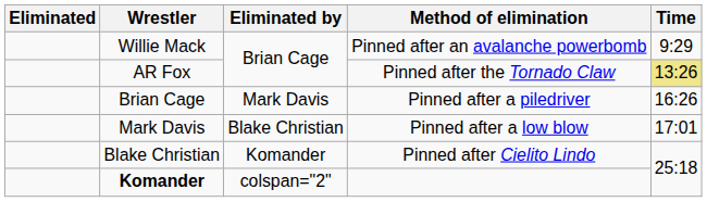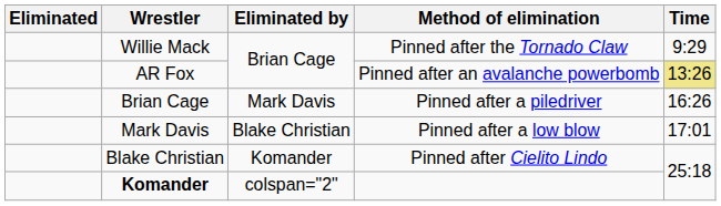 <table class="wikitable sortable" style="text-align:center;">
 <tr>
 <th>Eliminated</th>
 <th>Wrestler</th>
 <th>Eliminated by</th>
 <th>Method of elimination</th>
 <th>Time</th>
 </tr>
 <tr>
 <td></td>
 <td>Willie Mack</td>
 <td rowspan=2>Brian Cage</td>
-<td>Pinned after an <a href='#'>avalanche powerbomb</a></td>
+<td>Pinned after the <em><a href='#'>Tornado Claw</a></em></td>
 <td>9:29</td>
 </tr>
 <tr>
 <td></td>
 <td>AR Fox</td>
-<td>Pinned after the <em><a href='#'>Tornado Claw</a></em></td>
+<td>Pinned after an <a href='#'>avalanche powerbomb</a></td>
 <td style="background: khaki;">13:26</td>
 </tr>
 <tr>
 <td></td>
 <td>Brian Cage</td>
 <td>Mark Davis</td>
 <td>Pinned after a <a href='#'>piledriver</a></td>
 <td>16:26</td>
 </tr>
 <tr>
 <td></td>
 <td>Mark Davis</td>
 <td>Blake Christian</td>
 <td>Pinned after a <a href='#'>low blow</a></td>
 <td>17:01</td>
 </tr>
 <tr>
 <td></td>
 <td>Blake Christian</td>
 <td>Komander</td>
 <td>Pinned after <em><a href='#'>Cielito Lindo</a></em></td>
 <td rowspan=2>25:18</td>
 </tr>
 <tr>
 <td><strong></strong></td>
 <td><strong>Komander</strong></td>
 <td>colspan="2" </td>
 </tr>
 </table>
